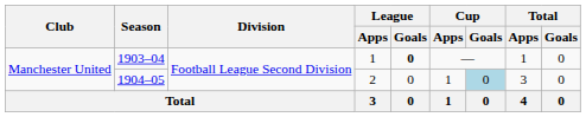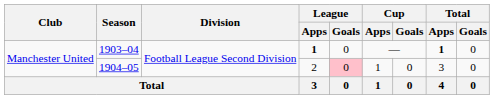 <table class="wikitable" style="text-align:center">
 <tr>
 <th rowspan="2">Club</th>
 <th rowspan="2">Season</th>
 <th rowspan="2">Division</th>
 <th colspan="2">League</th>
 <th colspan="2">Cup</th>
 <th colspan="2">Total</th>
 </tr>
 <tr>
 <th>Apps</th>
 <th>Goals</th>
 <th>Apps</th>
 <th>Goals</th>
 <th>Apps</th>
 <th>Goals</th>
 </tr>
 <tr>
 <td rowspan="2"><a href='#'>Manchester United</a></td>
 <td><a href='#'>1903–04</a></td>
 <td rowspan="2"><a href='#'>Football League Second Division</a></td>
-<td>1</td>
-<td><strong>0</strong></td>
+<td><strong>1</strong></td>
+<td>0</td>
 <td colspan="2">—</td>
-<td>1</td>
+<td><strong>1</strong></td>
 <td>0</td>
 </tr>
 <tr>
 <td><a href='#'>1904–05</a></td>
 <td>2</td>
+<td style="background: pink;">0</td>
+<td>1</td>
 <td>0</td>
-<td>1</td>
-<td style="background: lightblue;">0</td>
 <td>3</td>
 <td>0</td>
 </tr>
 <tr>
 <th colspan="3">Total</th>
 <th>3</th>
 <th>0</th>
 <th>1</th>
 <th>0</th>
 <th>4</th>
 <th>0</th>
 </tr>
 </table>
